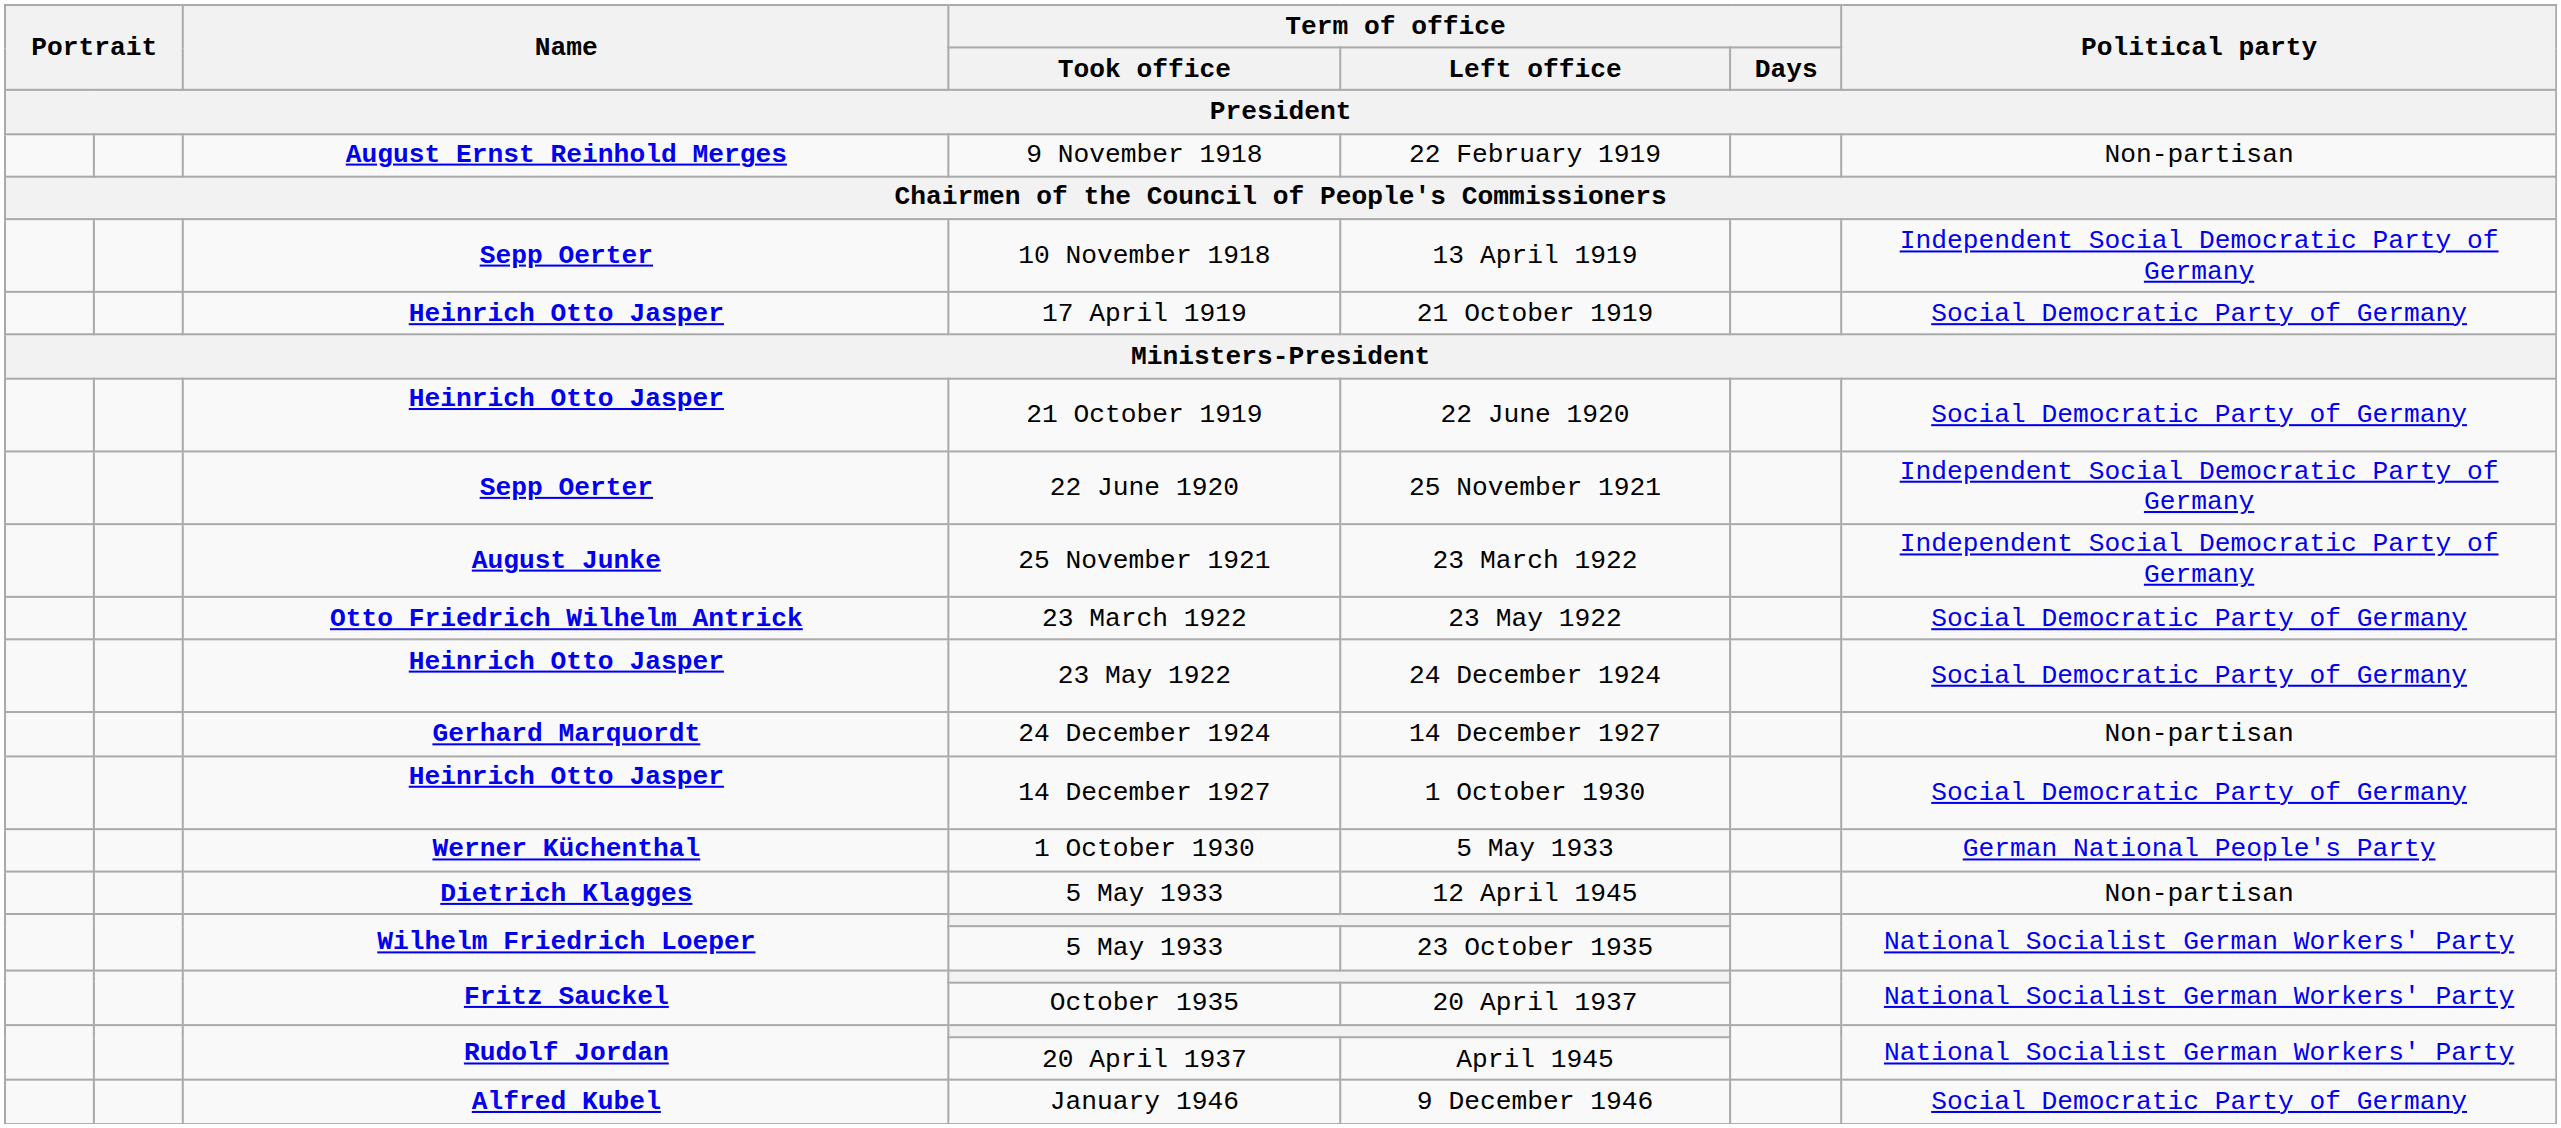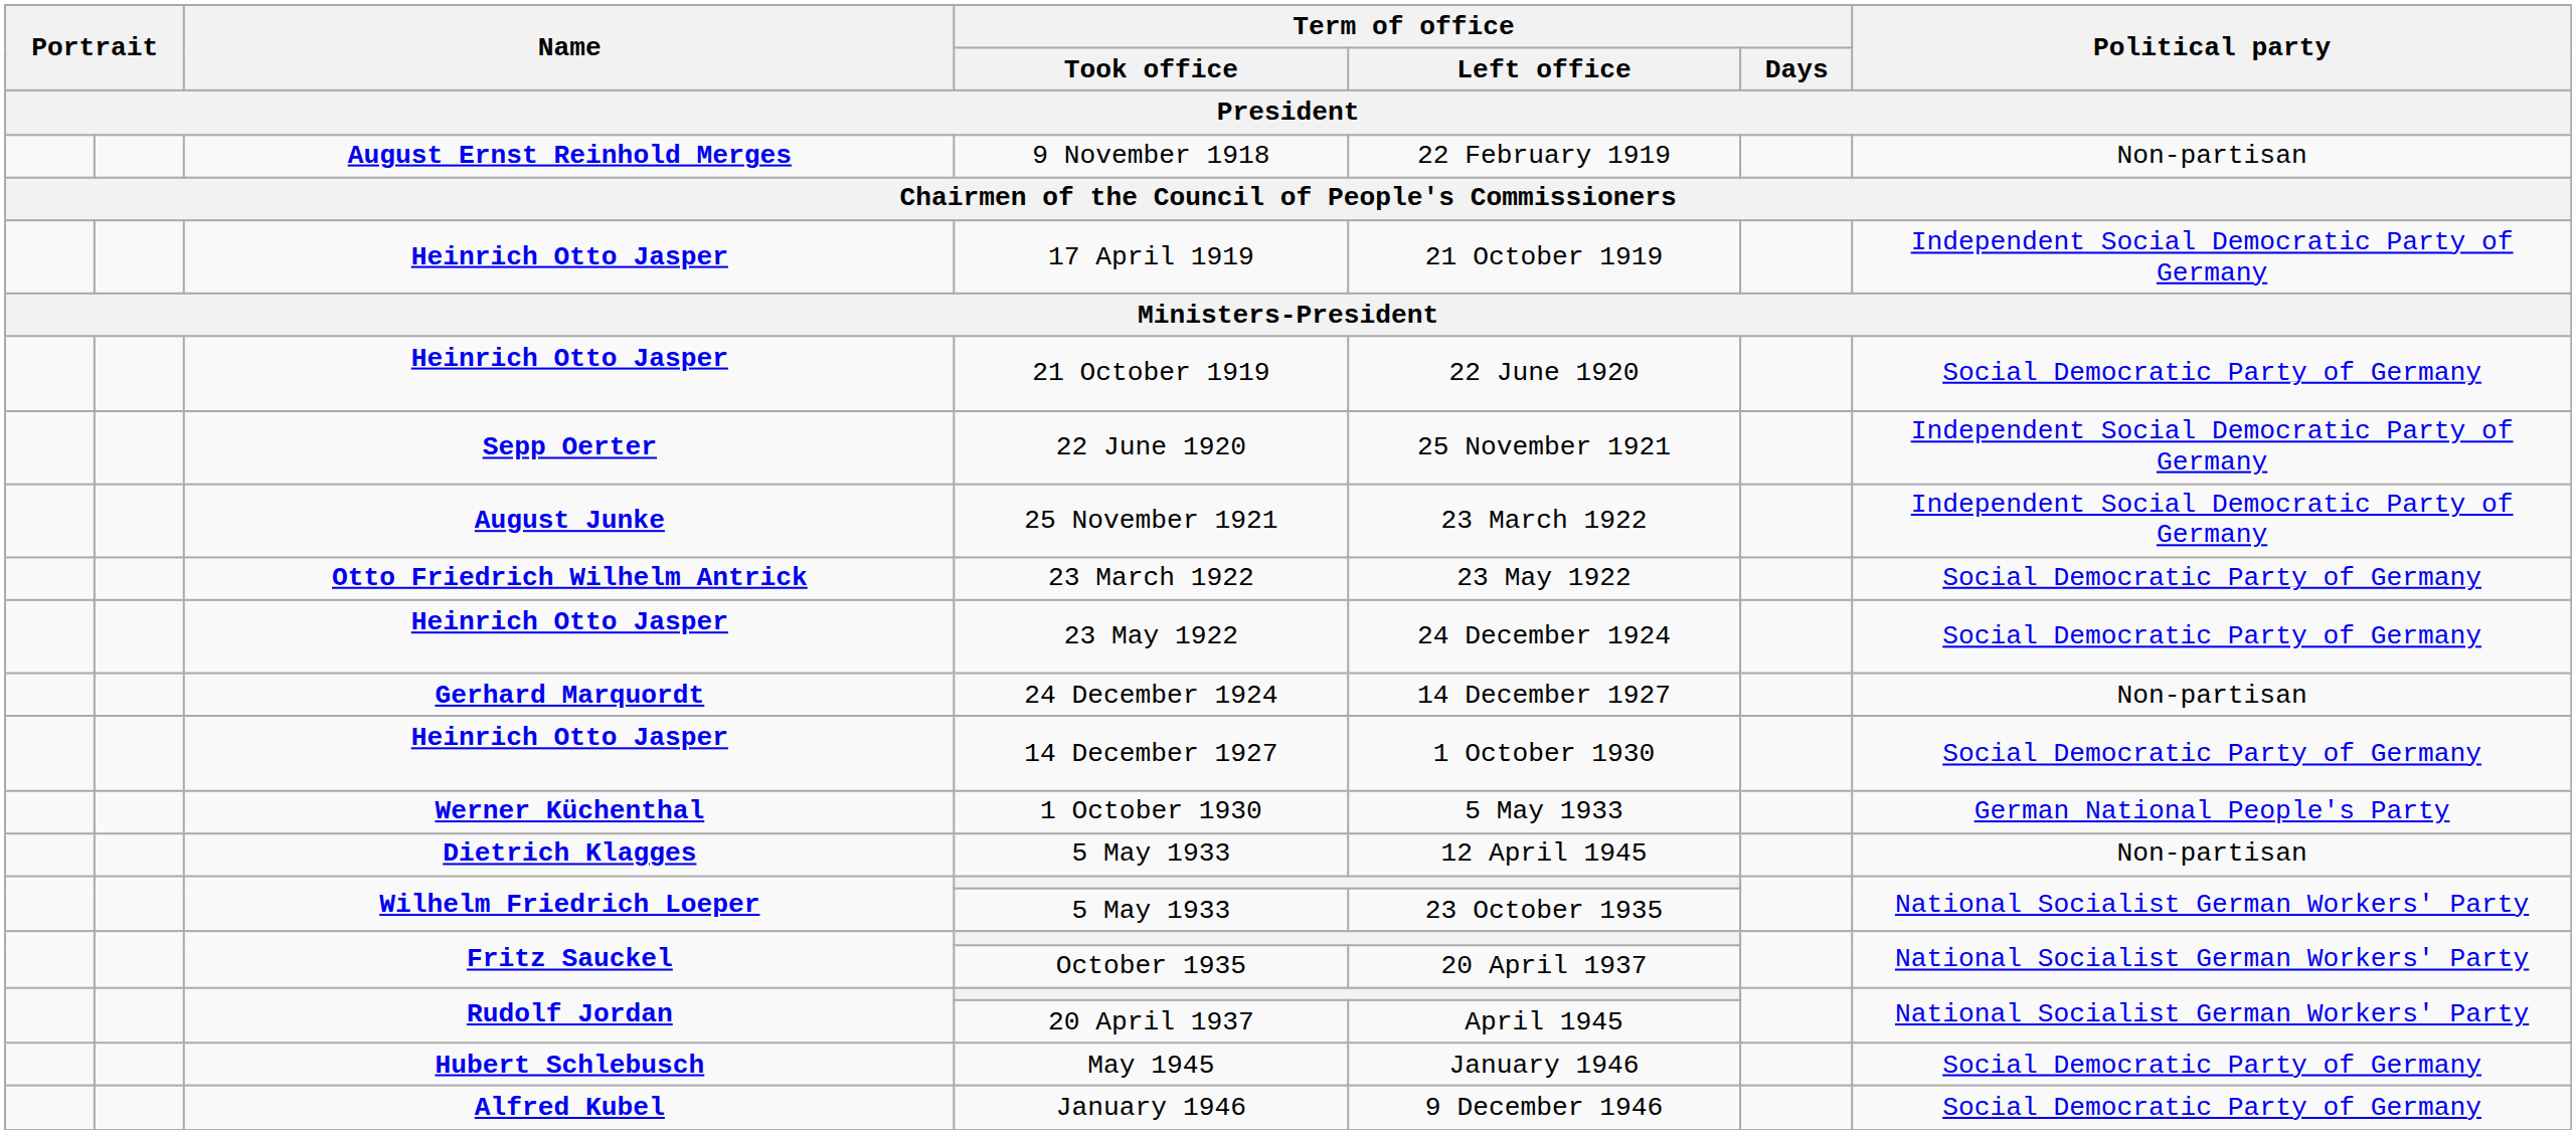 <table class="wikitable" style="text-align:center; width:100%; border:1px #AAAAFF solid">
 <tr>
 <th width=80px rowspan=2 colspan=2>Portrait</th>
 <th width=30% rowspan=2>Name<br></th>
 <th width=35% colspan=3>Term of office</th>
 <th width=28% rowspan=2>Political party</th>
 </tr>
 <tr>
 <th>Took office</th>
 <th>Left office</th>
 <th>Days</th>
 </tr>
 <tr>
 <th colspan="7">President</th>
 </tr>
 <tr>
 <td style="background:"></td>
 <td></td>
 <td><strong><a href='#'>August Ernst Reinhold Merges</a></strong><br></td>
 <td>9 November 1918</td>
 <td>22 February 1919</td>
 <td></td>
 <td>Non-partisan</td>
 </tr>
 <tr>
 <th colspan="7">Chairmen of the Council of People's Commissioners</th>
 </tr>
 <tr>
 <td style="background:"></td>
 <td></td>
-<td><strong><a href='#'>Sepp Oerter</a></strong><br></td>
-<td>10 November 1918</td>
-<td>13 April 1919</td>
-<td></td>
-<td><a href='#'>Independent Social Democratic Party of Germany</a></td>
-</tr>
-<tr>
-<td style="background:"></td>
-<td></td>
 <td><strong><a href='#'>Heinrich Otto Jasper</a></strong><br></td>
 <td>17 April 1919</td>
 <td>21 October 1919</td>
 <td></td>
-<td><a href='#'>Social Democratic Party of Germany</a></td>
+<td><a href='#'>Independent Social Democratic Party of Germany</a></td>
 </tr>
 <tr>
 <th colspan="7">Ministers-President</th>
 </tr>
 <tr>
 <td style="background:"></td>
 <td></td>
 <td><strong><a href='#'>Heinrich Otto Jasper</a></strong><br><br></td>
 <td>21 October 1919</td>
 <td>22 June 1920</td>
 <td></td>
 <td><a href='#'>Social Democratic Party of Germany</a></td>
 </tr>
 <tr>
 <td style="background:"></td>
 <td></td>
 <td><strong><a href='#'>Sepp Oerter</a></strong><br></td>
 <td>22 June 1920</td>
 <td>25 November 1921</td>
 <td></td>
 <td><a href='#'>Independent Social Democratic Party of Germany</a></td>
 </tr>
 <tr>
 <td style="background:"></td>
 <td></td>
 <td><strong><a href='#'>August Junke</a></strong><br></td>
 <td>25 November 1921</td>
 <td>23 March 1922</td>
 <td></td>
 <td><a href='#'>Independent Social Democratic Party of Germany</a></td>
 </tr>
 <tr>
 <td style="background:"></td>
 <td></td>
 <td><strong><a href='#'>Otto Friedrich Wilhelm Antrick</a></strong><br></td>
 <td>23 March 1922</td>
 <td>23 May 1922</td>
 <td></td>
 <td><a href='#'>Social Democratic Party of Germany</a></td>
 </tr>
 <tr>
 <td style="background:"></td>
 <td></td>
 <td><strong><a href='#'>Heinrich Otto Jasper</a></strong><br><br></td>
 <td>23 May 1922</td>
 <td>24 December 1924</td>
 <td></td>
 <td><a href='#'>Social Democratic Party of Germany</a></td>
 </tr>
 <tr>
 <td style="background:"></td>
 <td></td>
 <td><strong><a href='#'>Gerhard Marquordt</a></strong><br></td>
 <td>24 December 1924</td>
 <td>14 December 1927</td>
 <td></td>
 <td>Non-partisan</td>
 </tr>
 <tr>
 <td style="background:"></td>
 <td></td>
 <td><strong><a href='#'>Heinrich Otto Jasper</a></strong><br><br></td>
 <td>14 December 1927</td>
 <td>1 October 1930</td>
 <td></td>
 <td><a href='#'>Social Democratic Party of Germany</a></td>
 </tr>
 <tr>
 <td style="background:"></td>
 <td></td>
 <td><strong><a href='#'>Werner Küchenthal</a></strong><br></td>
 <td>1 October 1930</td>
 <td>5 May 1933</td>
 <td></td>
 <td><a href='#'>German National People's Party</a></td>
 </tr>
 <tr>
 <td style="background:"></td>
 <td></td>
 <td><strong><a href='#'>Dietrich Klagges</a></strong><br></td>
 <td>5 May 1933</td>
 <td>12 April 1945</td>
 <td></td>
 <td>Non-partisan</td>
 </tr>
 <tr>
 <td rowspan="2" style="background:"></td>
 <td rowspan="2"></td>
 <td rowspan="2"><strong><a href='#'>Wilhelm Friedrich Loeper</a></strong><br></td>
 <th colspan="2"></th>
 <td rowspan="2"></td>
 <td rowspan="2"><a href='#'>National Socialist German Workers' Party</a></td>
 </tr>
 <tr>
 <td>5 May 1933</td>
 <td>23 October 1935</td>
 </tr>
 <tr>
 <td rowspan="2" style="background:"></td>
 <td rowspan="2"></td>
 <td rowspan="2"><strong><a href='#'>Fritz Sauckel</a></strong><br></td>
 <th colspan="2"></th>
 <td rowspan="2"></td>
 <td rowspan="2"><a href='#'>National Socialist German Workers' Party</a></td>
 </tr>
 <tr>
 <td>October 1935</td>
 <td>20 April 1937</td>
 </tr>
 <tr>
 <td rowspan="2" style="background:"></td>
 <td rowspan="2"></td>
 <td rowspan="2"><strong><a href='#'>Rudolf Jordan</a></strong><br></td>
 <th colspan="2"></th>
 <td rowspan="2"></td>
 <td rowspan="2"><a href='#'>National Socialist German Workers' Party</a></td>
 </tr>
 <tr>
 <td>20 April 1937</td>
 <td>April 1945</td>
 </tr>
 <tr>
 <td style="background:"></td>
 <td></td>
+<td><strong><a href='#'>Hubert Schlebusch</a></strong><br></td>
+<td>May 1945</td>
+<td>January 1946</td>
+<td></td>
+<td><a href='#'>Social Democratic Party of Germany</a></td>
+</tr>
+<tr>
+<td style="background:"></td>
+<td></td>
 <td><strong><a href='#'>Alfred Kubel</a></strong><br></td>
 <td>January 1946</td>
 <td>9 December 1946</td>
 <td></td>
 <td><a href='#'>Social Democratic Party of Germany</a></td>
 </tr>
 </table>
